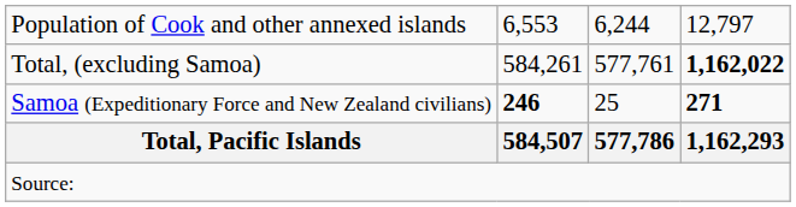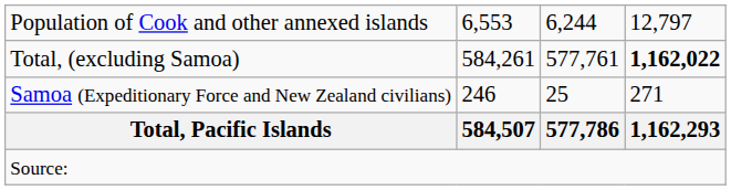 <table class="wikitable" style="text-align:left">
 <tr>
 <td align=left>Population of <a href='#'>Cook</a> and other annexed islands</td>
 <td>6,553</td>
 <td>6,244</td>
 <td>12,797</td>
 </tr>
 <tr>
 <td align=left>Total, (excluding Samoa)</td>
 <td align=center>584,261</td>
 <td align=center>577,761</td>
 <td align=center><strong>1,162,022</strong></td>
 </tr>
 <tr>
 <td align=left><a href='#'>Samoa</a> <small>(Expeditionary Force and New Zealand civilians)</small></td>
-<td><strong>246</strong></td>
+<td>246</td>
 <td>25</td>
-<td><strong>271</strong></td>
+<td>271</td>
 </tr>
 <tr>
 <th>Total, Pacific Islands</th>
 <th>584,507</th>
 <th>577,786</th>
 <th>1,162,293</th>
 </tr>
 <tr>
 <td colspan="4" style="text-align:left;"><small>Source:</small></td>
 </tr>
 </table>
